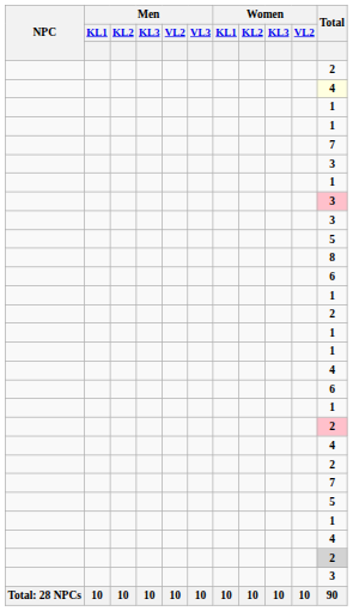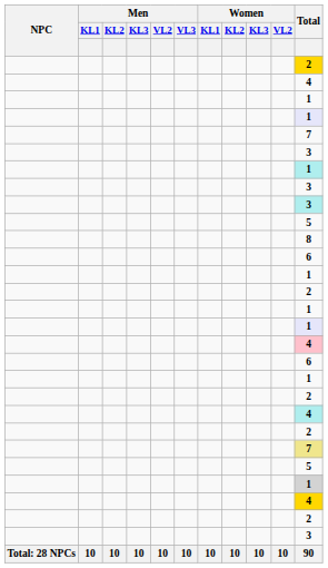 <table class="wikitable sortable" style="text-align:center; font-size:90%">
 <tr>
 <th rowspan=3>NPC</th>
 <th colspan=5>Men</th>
 <th colspan=4>Women</th>
 <th rowspan=2>Total</th>
 </tr>
 <tr style=font-size:95%>
 <th><a href='#'>KL1</a></th>
 <th><a href='#'>KL2</a></th>
 <th><a href='#'>KL3</a></th>
 <th><a href='#'>VL2</a></th>
 <th><a href='#'>VL3</a></th>
 <th><a href='#'>KL1</a></th>
 <th><a href='#'>KL2</a></th>
 <th><a href='#'>KL3</a></th>
 <th><a href='#'>VL2</a></th>
 </tr>
 <tr style="text-align:center;">
 <th> </th>
 <th></th>
 <th></th>
 <th></th>
 <th></th>
 <th></th>
 <th></th>
 <th></th>
 <th></th>
 <th></th>
 </tr>
 <tr>
 <td align=left></td>
 <td></td>
 <td></td>
 <td></td>
 <td></td>
 <td></td>
 <td></td>
 <td></td>
 <td></td>
 <td></td>
-<td><strong>2</strong></td>
+<td style="background: gold;"><strong>2</strong></td>
 </tr>
 <tr>
 <td align=left></td>
 <td></td>
 <td></td>
 <td></td>
 <td></td>
 <td></td>
 <td></td>
 <td></td>
 <td></td>
 <td></td>
-<td style="background: lightyellow;"><strong>4</strong></td>
+<td><strong>4</strong></td>
 </tr>
 <tr>
 <td align=left></td>
 <td></td>
 <td></td>
 <td></td>
 <td></td>
 <td></td>
 <td></td>
 <td></td>
 <td></td>
 <td></td>
 <td><strong>1</strong></td>
 </tr>
 <tr>
 <td align=left></td>
 <td></td>
 <td></td>
 <td></td>
 <td></td>
 <td></td>
 <td></td>
 <td></td>
 <td></td>
 <td></td>
-<td><strong>1</strong></td>
+<td style="background: lavender;"><strong>1</strong></td>
 </tr>
 <tr>
 <td align=left></td>
 <td></td>
 <td></td>
 <td></td>
 <td></td>
 <td></td>
 <td></td>
 <td></td>
 <td></td>
 <td></td>
 <td><strong>7</strong></td>
 </tr>
 <tr>
 <td align=left></td>
 <td></td>
 <td></td>
 <td></td>
 <td></td>
 <td></td>
 <td></td>
 <td></td>
 <td></td>
 <td></td>
 <td><strong>3</strong></td>
 </tr>
 <tr>
 <td align=left></td>
 <td></td>
 <td></td>
 <td></td>
 <td></td>
 <td></td>
 <td></td>
 <td></td>
 <td></td>
 <td></td>
-<td><strong>1</strong></td>
-</tr>
-<tr>
-<td align=left></td>
-<td></td>
-<td></td>
-<td></td>
-<td></td>
-<td></td>
-<td></td>
-<td></td>
-<td></td>
-<td></td>
-<td style="background: pink;"><strong>3</strong></td>
+<td style="background: paleturquoise;"><strong>1</strong></td>
 </tr>
 <tr>
 <td align=left></td>
 <td></td>
 <td></td>
 <td></td>
 <td></td>
 <td></td>
 <td></td>
 <td></td>
 <td></td>
 <td></td>
 <td><strong>3</strong></td>
+</tr>
+<tr>
+<td align=left></td>
+<td></td>
+<td></td>
+<td></td>
+<td></td>
+<td></td>
+<td></td>
+<td></td>
+<td></td>
+<td></td>
+<td style="background: paleturquoise;"><strong>3</strong></td>
 </tr>
 <tr>
 <td align=left></td>
 <td></td>
 <td></td>
 <td></td>
 <td></td>
 <td></td>
 <td></td>
 <td></td>
 <td></td>
 <td></td>
 <td><strong>5</strong></td>
 </tr>
 <tr>
 <td align=left></td>
 <td></td>
 <td></td>
 <td></td>
 <td></td>
 <td></td>
 <td></td>
 <td></td>
 <td></td>
 <td></td>
 <td><strong>8</strong></td>
 </tr>
 <tr>
 <td align=left></td>
 <td></td>
 <td></td>
 <td></td>
 <td></td>
 <td></td>
 <td></td>
 <td></td>
 <td></td>
 <td></td>
 <td><strong>6</strong></td>
 </tr>
 <tr>
 <td align=left></td>
 <td></td>
 <td></td>
 <td></td>
 <td></td>
 <td></td>
 <td></td>
 <td></td>
 <td></td>
 <td></td>
 <td><strong>1</strong></td>
 </tr>
 <tr>
 <td align=left></td>
 <td></td>
 <td></td>
 <td></td>
 <td></td>
 <td></td>
 <td></td>
 <td></td>
 <td></td>
 <td></td>
 <td><strong>2</strong></td>
 </tr>
 <tr>
 <td align=left></td>
 <td></td>
 <td></td>
 <td></td>
 <td></td>
 <td></td>
 <td></td>
 <td></td>
 <td></td>
 <td></td>
 <td><strong>1</strong></td>
 </tr>
 <tr>
 <td align=left></td>
 <td></td>
 <td></td>
 <td></td>
 <td></td>
 <td></td>
 <td></td>
 <td></td>
 <td></td>
 <td></td>
-<td><strong>1</strong></td>
+<td style="background: lavender;"><strong>1</strong></td>
 </tr>
 <tr>
 <td align=left></td>
 <td></td>
 <td></td>
 <td></td>
 <td></td>
 <td></td>
 <td></td>
 <td></td>
 <td></td>
 <td></td>
-<td><strong>4</strong></td>
+<td style="background: pink;"><strong>4</strong></td>
 </tr>
 <tr>
 <td align=left></td>
 <td></td>
 <td></td>
 <td></td>
 <td></td>
 <td></td>
 <td></td>
 <td></td>
 <td></td>
 <td></td>
 <td><strong>6</strong></td>
 </tr>
 <tr>
 <td align=left></td>
 <td></td>
 <td></td>
 <td></td>
 <td></td>
 <td></td>
 <td></td>
 <td></td>
 <td></td>
 <td></td>
 <td><strong>1</strong></td>
 </tr>
 <tr>
 <td align=left></td>
 <td></td>
 <td></td>
 <td></td>
 <td></td>
 <td></td>
 <td></td>
 <td></td>
 <td></td>
 <td></td>
-<td style="background: pink;"><strong>2</strong></td>
+<td><strong>2</strong></td>
 </tr>
 <tr>
 <td align=left></td>
 <td></td>
 <td></td>
 <td></td>
 <td></td>
 <td></td>
 <td></td>
 <td></td>
 <td></td>
 <td></td>
-<td><strong>4</strong></td>
+<td style="background: paleturquoise;"><strong>4</strong></td>
 </tr>
 <tr>
 <td align=left></td>
 <td></td>
 <td></td>
 <td></td>
 <td></td>
 <td></td>
 <td></td>
 <td></td>
 <td></td>
 <td></td>
 <td><strong>2</strong></td>
 </tr>
 <tr>
 <td align=left></td>
 <td></td>
 <td></td>
 <td></td>
 <td></td>
 <td></td>
 <td></td>
 <td></td>
 <td></td>
 <td></td>
-<td><strong>7</strong></td>
+<td style="background: khaki;"><strong>7</strong></td>
 </tr>
 <tr>
 <td align=left></td>
 <td></td>
 <td></td>
 <td></td>
 <td></td>
 <td></td>
 <td></td>
 <td></td>
 <td></td>
 <td></td>
 <td><strong>5</strong></td>
 </tr>
 <tr>
 <td align=left></td>
 <td></td>
 <td></td>
 <td></td>
 <td></td>
 <td></td>
 <td></td>
 <td></td>
 <td></td>
 <td></td>
-<td><strong>1</strong></td>
+<td style="background: lightgrey;"><strong>1</strong></td>
 </tr>
 <tr>
 <td align=left></td>
 <td></td>
 <td></td>
 <td></td>
 <td></td>
 <td></td>
 <td></td>
 <td></td>
 <td></td>
 <td></td>
-<td><strong>4</strong></td>
+<td style="background: gold;"><strong>4</strong></td>
 </tr>
 <tr>
 <td align=left></td>
 <td></td>
 <td></td>
 <td></td>
 <td></td>
 <td></td>
 <td></td>
 <td></td>
 <td></td>
 <td></td>
-<td style="background: lightgrey;"><strong>2</strong></td>
+<td><strong>2</strong></td>
 </tr>
 <tr>
 <td align=left></td>
 <td></td>
 <td></td>
 <td></td>
 <td></td>
 <td></td>
 <td></td>
 <td></td>
 <td></td>
 <td></td>
 <td><strong>3</strong></td>
 </tr>
 <tr>
 <th>Total: 28 NPCs</th>
 <th>10</th>
 <th>10</th>
 <th>10</th>
 <th>10</th>
 <th>10</th>
 <th>10</th>
 <th>10</th>
 <th>10</th>
 <th>10</th>
 <th>90</th>
 </tr>
 </table>
